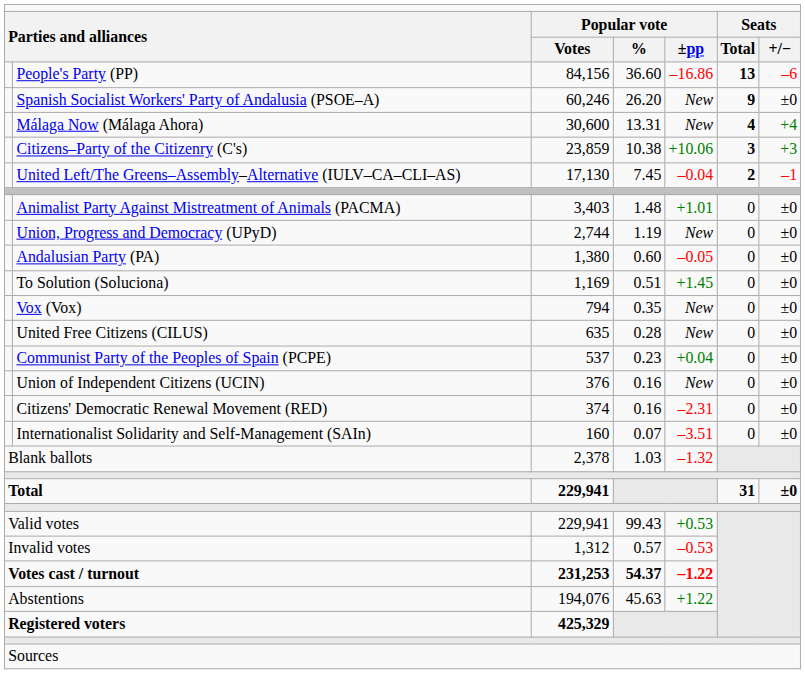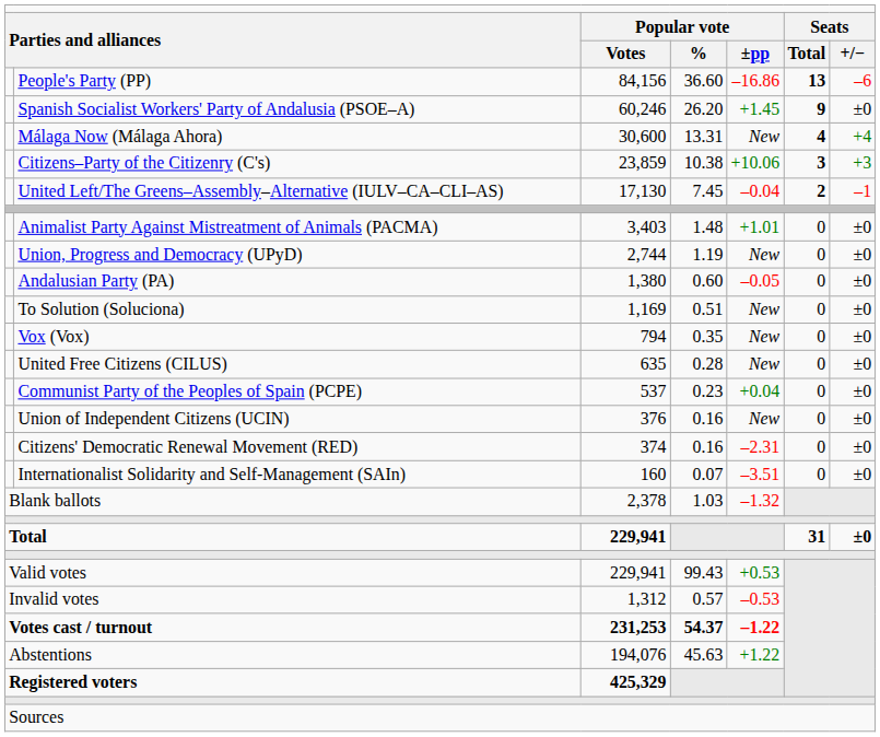 <table class="wikitable" style="text-align:right;">
 <tr>
 <td colspan="7"></td>
 </tr>
 <tr>
 <th style="text-align:left;" rowspan="2" colspan="2" width="525">Parties and alliances</th>
 <th colspan="3">Popular vote</th>
 <th colspan="2">Seats</th>
 </tr>
 <tr>
 <th width="75">Votes</th>
 <th width="45">%</th>
 <th width="45">±<a href='#'>pp</a></th>
 <th width="35">Total</th>
 <th width="35">+/−</th>
 </tr>
 <tr>
 <td width="1" style="color:inherit;background:"></td>
 <td align="left"><a href='#'>People's Party</a> (PP)</td>
 <td>84,156</td>
 <td>36.60</td>
 <td style="color:red;">–16.86</td>
 <td><strong>13</strong></td>
 <td style="color:red;">–6</td>
 </tr>
 <tr>
 <td style="color:inherit;background:"></td>
 <td align="left"><a href='#'>Spanish Socialist Workers' Party of Andalusia</a> (PSOE–A)</td>
 <td>60,246</td>
 <td>26.20</td>
-<td><em>New</em></td>
+<td style="color:green;">+1.45</td>
 <td><strong>9</strong></td>
 <td>±0</td>
 </tr>
 <tr>
 <td style="color:inherit;background:"></td>
 <td align="left"><a href='#'>Málaga Now</a> (Málaga Ahora)</td>
 <td>30,600</td>
 <td>13.31</td>
 <td><em>New</em></td>
 <td><strong>4</strong></td>
 <td style="color:green;">+4</td>
 </tr>
 <tr>
 <td style="color:inherit;background:"></td>
 <td align="left"><a href='#'>Citizens–Party of the Citizenry</a> (C's)</td>
 <td>23,859</td>
 <td>10.38</td>
 <td style="color:green;">+10.06</td>
 <td><strong>3</strong></td>
 <td style="color:green;">+3</td>
 </tr>
 <tr>
 <td style="color:inherit;background:"></td>
 <td align="left"><a href='#'>United Left/The Greens–Assembly</a>–<a href='#'>Alternative</a> (IULV–CA–CLI–AS)</td>
 <td>17,130</td>
 <td>7.45</td>
 <td style="color:red;">–0.04</td>
 <td><strong>2</strong></td>
 <td style="color:red;">–1</td>
 </tr>
 <tr>
 <td colspan="7" bgcolor="#C0C0C0"></td>
 </tr>
 <tr>
 <td style="color:inherit;background:"></td>
 <td align="left"><a href='#'>Animalist Party Against Mistreatment of Animals</a> (PACMA)</td>
 <td>3,403</td>
 <td>1.48</td>
 <td style="color:green;">+1.01</td>
 <td>0</td>
 <td>±0</td>
 </tr>
 <tr>
 <td style="color:inherit;background:"></td>
 <td align="left"><a href='#'>Union, Progress and Democracy</a> (UPyD)</td>
 <td>2,744</td>
 <td>1.19</td>
 <td><em>New</em></td>
 <td>0</td>
 <td>±0</td>
 </tr>
 <tr>
 <td style="color:inherit;background:"></td>
 <td align="left"><a href='#'>Andalusian Party</a> (PA)</td>
 <td>1,380</td>
 <td>0.60</td>
 <td style="color:red;">–0.05</td>
 <td>0</td>
 <td>±0</td>
 </tr>
 <tr>
 <td style="color:inherit;background:"></td>
 <td align="left">To Solution (Soluciona)</td>
 <td>1,169</td>
 <td>0.51</td>
-<td style="color:green;">+1.45</td>
+<td><em>New</em></td>
 <td>0</td>
 <td>±0</td>
 </tr>
 <tr>
 <td style="color:inherit;background:"></td>
 <td align="left"><a href='#'>Vox</a> (Vox)</td>
 <td>794</td>
 <td>0.35</td>
 <td><em>New</em></td>
 <td>0</td>
 <td>±0</td>
 </tr>
 <tr>
 <td style="color:inherit;background:"></td>
 <td align="left">United Free Citizens (CILUS)</td>
 <td>635</td>
 <td>0.28</td>
 <td><em>New</em></td>
 <td>0</td>
 <td>±0</td>
 </tr>
 <tr>
 <td style="color:inherit;background:"></td>
 <td align="left"><a href='#'>Communist Party of the Peoples of Spain</a> (PCPE)</td>
 <td>537</td>
 <td>0.23</td>
 <td style="color:green;">+0.04</td>
 <td>0</td>
 <td>±0</td>
 </tr>
 <tr>
 <td style="color:inherit;background:"></td>
 <td align="left">Union of Independent Citizens (UCIN)</td>
 <td>376</td>
 <td>0.16</td>
 <td><em>New</em></td>
 <td>0</td>
 <td>±0</td>
 </tr>
 <tr>
 <td style="color:inherit;background:"></td>
 <td align="left">Citizens' Democratic Renewal Movement (RED)</td>
 <td>374</td>
 <td>0.16</td>
 <td style="color:red;">–2.31</td>
 <td>0</td>
 <td>±0</td>
 </tr>
 <tr>
 <td style="color:inherit;background:"></td>
 <td align="left">Internationalist Solidarity and Self-Management (SAIn)</td>
 <td>160</td>
 <td>0.07</td>
 <td style="color:red;">–3.51</td>
 <td>0</td>
 <td>±0</td>
 </tr>
 <tr>
 <td align="left" colspan="2">Blank ballots</td>
 <td>2,378</td>
 <td>1.03</td>
 <td style="color:red;">–1.32</td>
 <td bgcolor="#E9E9E9" colspan="2"></td>
 </tr>
 <tr>
 <td colspan="7" bgcolor="#E9E9E9"></td>
 </tr>
 <tr style="font-weight:bold;">
 <td align="left" colspan="2">Total</td>
 <td>229,941</td>
 <td bgcolor="#E9E9E9" colspan="2"></td>
 <td>31</td>
 <td>±0</td>
 </tr>
 <tr>
 <td colspan="7" bgcolor="#E9E9E9"></td>
 </tr>
 <tr>
 <td align="left" colspan="2">Valid votes</td>
 <td>229,941</td>
 <td>99.43</td>
 <td style="color:green;">+0.53</td>
 <td bgcolor="#E9E9E9" colspan="2" rowspan="5"></td>
 </tr>
 <tr>
 <td align="left" colspan="2">Invalid votes</td>
 <td>1,312</td>
 <td>0.57</td>
 <td style="color:red;">–0.53</td>
 </tr>
 <tr style="font-weight:bold;">
 <td align="left" colspan="2">Votes cast / turnout</td>
 <td>231,253</td>
 <td>54.37</td>
 <td style="color:red;">–1.22</td>
 </tr>
 <tr>
 <td align="left" colspan="2">Abstentions</td>
 <td>194,076</td>
 <td>45.63</td>
 <td style="color:green;">+1.22</td>
 </tr>
 <tr style="font-weight:bold;">
 <td align="left" colspan="2">Registered voters</td>
 <td>425,329</td>
 <td bgcolor="#E9E9E9" colspan="2"></td>
 </tr>
 <tr>
 <td colspan="7" bgcolor="#E9E9E9"></td>
 </tr>
 <tr>
 <td align="left" colspan="7">Sources</td>
 </tr>
 </table>
